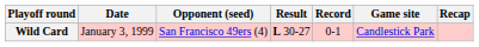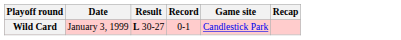 <table class="wikitable" style="text-align:center">
 <tr>
 <th>Playoff round</th>
 <th>Date</th>
-<th>Opponent (seed)</th>
 <th>Result</th>
 <th>Record</th>
 <th>Game site</th>
 <th>Recap</th>
 </tr>
 <tr bgcolor=ffcccc>
 <th>Wild Card</th>
 <td>January 3, 1999</td>
-<td><a href='#'>San Francisco 49ers</a> (4)</td>
 <td><strong>L</strong> 30-27</td>
 <td>0-1</td>
 <td><a href='#'>Candlestick Park</a></td>
 <td></td>
 </tr>
 </table>
